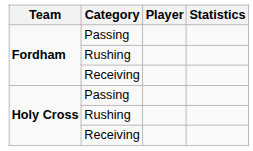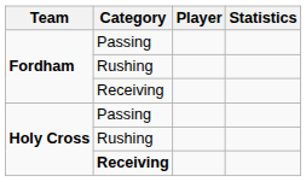 <table class="wikitable" style="float: right;">
 <tr>
 <th>Team</th>
 <th>Category</th>
 <th>Player</th>
 <th>Statistics</th>
 </tr>
 <tr>
 <td rowspan=3><strong>Fordham</strong></td>
 <td>Passing</td>
 <td></td>
 <td></td>
 </tr>
 <tr>
 <td>Rushing</td>
 <td></td>
 <td></td>
 </tr>
 <tr>
 <td>Receiving</td>
 <td></td>
 <td></td>
 </tr>
 <tr>
 <td rowspan=3><strong>Holy Cross</strong></td>
 <td>Passing</td>
 <td></td>
 <td></td>
 </tr>
 <tr>
 <td>Rushing</td>
 <td></td>
 <td></td>
 </tr>
 <tr>
-<td>Receiving</td>
+<td><strong>Receiving</strong></td>
 <td></td>
 <td></td>
 </tr>
 </table>
